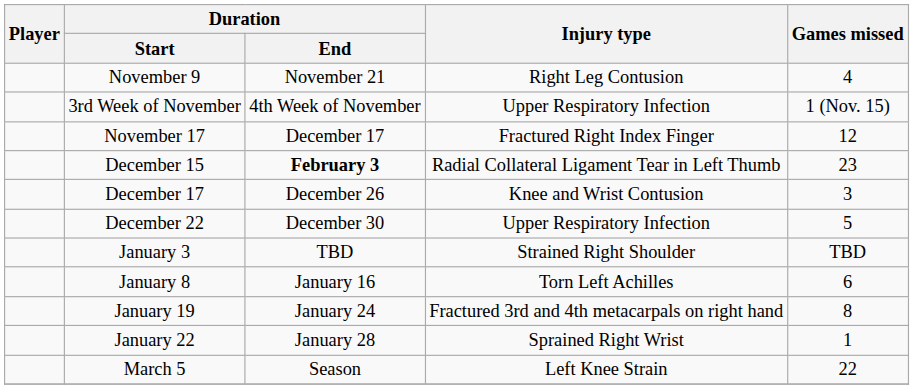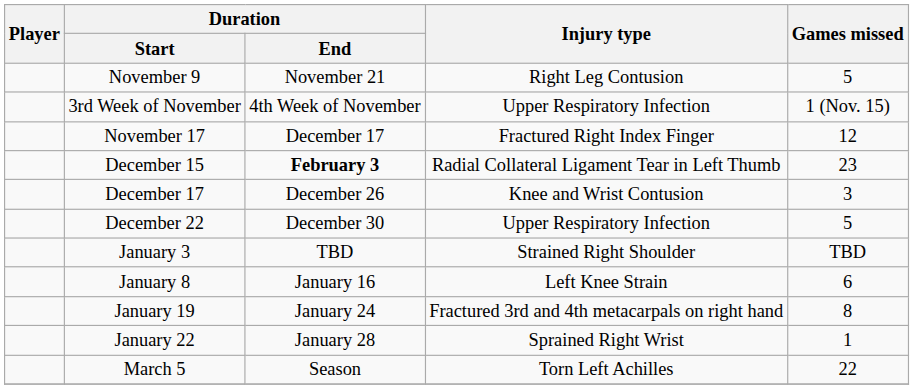 <table class="wikitable sortable collapsible collapsed" style="text-align:center;">
 <tr>
 <th rowspan="2">Player</th>
 <th colspan="2">Duration</th>
 <th rowspan="2">Injury type</th>
 <th rowspan="2">Games missed</th>
 </tr>
 <tr>
 <th>Start</th>
 <th>End</th>
 </tr>
 <tr>
 <td></td>
 <td>November 9</td>
 <td>November 21</td>
 <td>Right Leg Contusion</td>
-<td>4</td>
+<td>5</td>
 </tr>
 <tr>
 <td></td>
 <td>3rd Week of November</td>
 <td>4th Week of November</td>
 <td>Upper Respiratory Infection</td>
 <td>1 (Nov. 15)</td>
 </tr>
 <tr>
 <td></td>
 <td>November 17</td>
 <td>December 17</td>
 <td>Fractured Right Index Finger</td>
 <td>12</td>
 </tr>
 <tr>
 <td></td>
 <td>December 15</td>
 <td><strong>February 3</strong></td>
 <td>Radial Collateral Ligament Tear in Left Thumb</td>
 <td>23</td>
 </tr>
 <tr>
 <td></td>
 <td>December 17</td>
 <td>December 26</td>
 <td>Knee and Wrist Contusion</td>
 <td>3</td>
 </tr>
 <tr>
 <td></td>
 <td>December 22</td>
 <td>December 30</td>
 <td>Upper Respiratory Infection</td>
 <td>5</td>
 </tr>
 <tr>
 <td></td>
 <td>January 3</td>
 <td>TBD</td>
 <td>Strained Right Shoulder</td>
 <td>TBD</td>
 </tr>
 <tr>
 <td></td>
 <td>January 8</td>
 <td>January 16</td>
-<td>Torn Left Achilles</td>
+<td>Left Knee Strain</td>
 <td>6</td>
 </tr>
 <tr>
 <td></td>
 <td>January 19</td>
 <td>January 24</td>
 <td>Fractured 3rd and 4th metacarpals on right hand</td>
 <td>8</td>
 </tr>
 <tr>
 <td></td>
 <td>January 22</td>
 <td>January 28</td>
 <td>Sprained Right Wrist</td>
 <td>1</td>
 </tr>
 <tr>
 <td></td>
 <td>March 5</td>
 <td>Season</td>
-<td>Left Knee Strain</td>
+<td>Torn Left Achilles</td>
 <td>22</td>
 </tr>
 <tr>
 </tr>
 </table>
